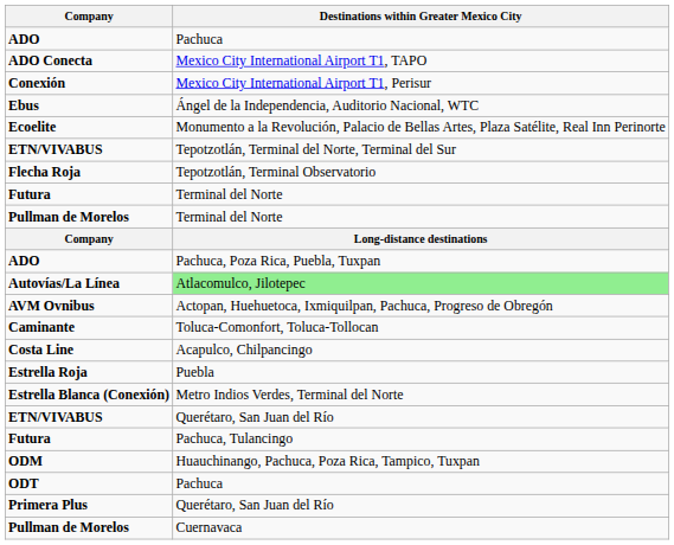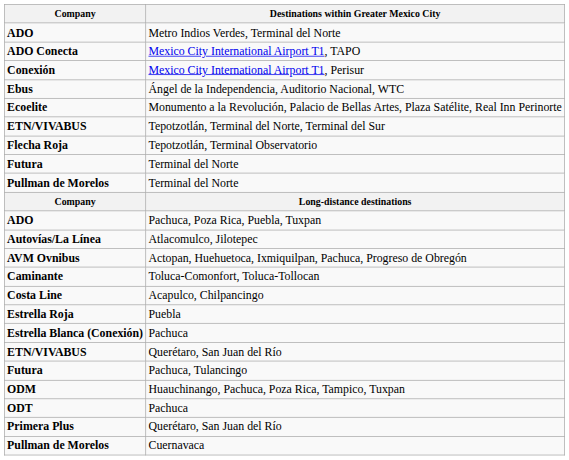 <table class="wikitable">
 <tr>
 <th><small>Company</small></th>
 <th><small>Destinations within Greater Mexico City</small></th>
 </tr>
 <tr>
 <td><strong>ADO</strong></td>
-<td>Pachuca</td>
+<td>Metro Indios Verdes, Terminal del Norte</td>
 </tr>
 <tr>
 <td><strong>ADO Conecta</strong></td>
 <td><a href='#'>Mexico City International Airport T1</a>, TAPO</td>
 </tr>
 <tr>
 <td><strong>Conexión</strong></td>
 <td><a href='#'>Mexico City International Airport T1</a>, Perisur</td>
 </tr>
 <tr>
 <td><strong>Ebus</strong></td>
 <td>Ángel de la Independencia, Auditorio Nacional, WTC</td>
 </tr>
 <tr>
 <td><strong>Ecoelite</strong></td>
 <td>Monumento a la Revolución, Palacio de Bellas Artes, Plaza Satélite, Real Inn Perinorte</td>
 </tr>
 <tr>
 <td><strong>ETN/VIVABUS</strong></td>
 <td>Tepotzotlán, Terminal del Norte, Terminal del Sur</td>
 </tr>
 <tr>
 <td><strong>Flecha Roja</strong></td>
 <td>Tepotzotlán, Terminal Observatorio</td>
 </tr>
 <tr>
 <td><strong>Futura</strong></td>
 <td>Terminal del Norte</td>
 </tr>
 <tr>
 <td><strong>Pullman de Morelos</strong></td>
 <td>Terminal del Norte</td>
 </tr>
 <tr>
 <th><small>Company</small></th>
 <th><small>Long-distance destinations</small></th>
 </tr>
 <tr>
 <td><strong>ADO</strong></td>
 <td>Pachuca, Poza Rica, Puebla, Tuxpan</td>
 </tr>
 <tr>
 <td><strong>Autovías/La Línea</strong></td>
-<td style="background: lightgreen;">Atlacomulco, Jilotepec</td>
+<td>Atlacomulco, Jilotepec</td>
 </tr>
 <tr>
 <td><strong>AVM Ovnibus</strong></td>
 <td>Actopan, Huehuetoca, Ixmiquilpan, Pachuca, Progreso de Obregón</td>
 </tr>
 <tr>
 <td><strong>Caminante</strong></td>
 <td>Toluca-Comonfort, Toluca-Tollocan</td>
 </tr>
 <tr>
 <td><strong>Costa Line</strong></td>
 <td>Acapulco, Chilpancingo</td>
 </tr>
 <tr>
 <td><strong>Estrella Roja</strong></td>
 <td>Puebla</td>
 </tr>
 <tr>
 <td><strong>Estrella Blanca (Conexión)</strong></td>
-<td>Metro Indios Verdes, Terminal del Norte</td>
+<td>Pachuca</td>
 </tr>
 <tr>
 <td><strong>ETN/VIVABUS</strong></td>
 <td>Querétaro, San Juan del Río</td>
 </tr>
 <tr>
 <td><strong>Futura</strong></td>
 <td>Pachuca, Tulancingo</td>
 </tr>
 <tr>
 <td><strong>ODM</strong></td>
 <td>Huauchinango, Pachuca, Poza Rica, Tampico, Tuxpan</td>
 </tr>
 <tr>
 <td><strong>ODT</strong></td>
 <td>Pachuca</td>
 </tr>
 <tr>
 <td><strong>Primera Plus</strong></td>
 <td>Querétaro, San Juan del Río</td>
 </tr>
 <tr>
 <td><strong>Pullman de Morelos</strong></td>
 <td>Cuernavaca</td>
 </tr>
 </table>
